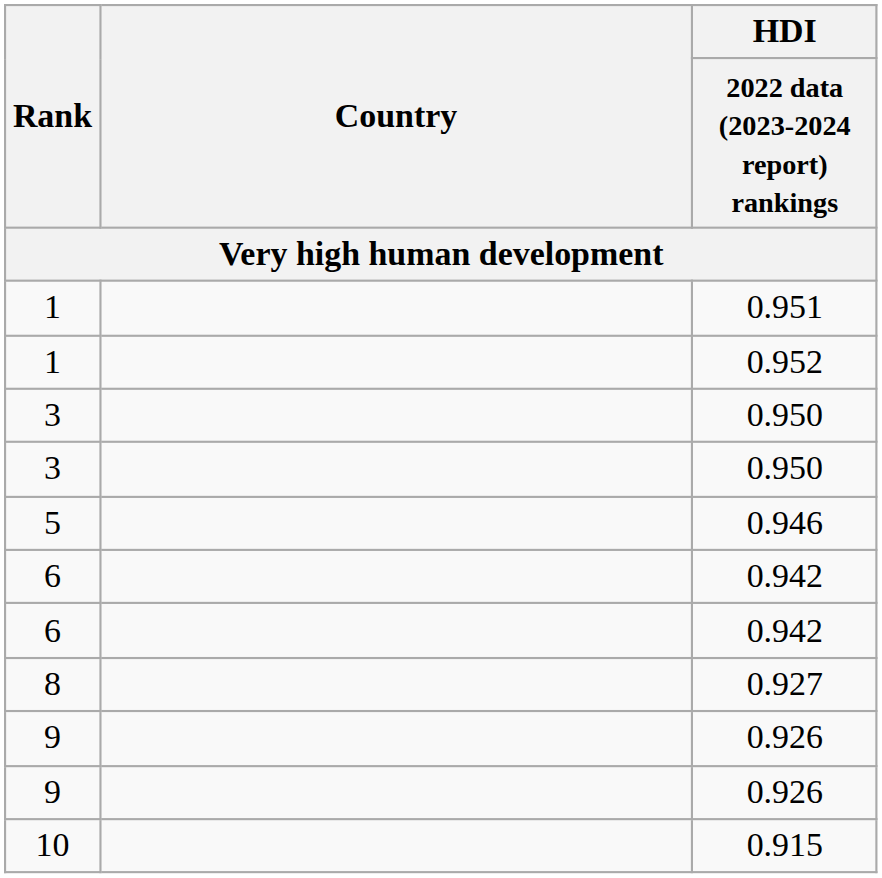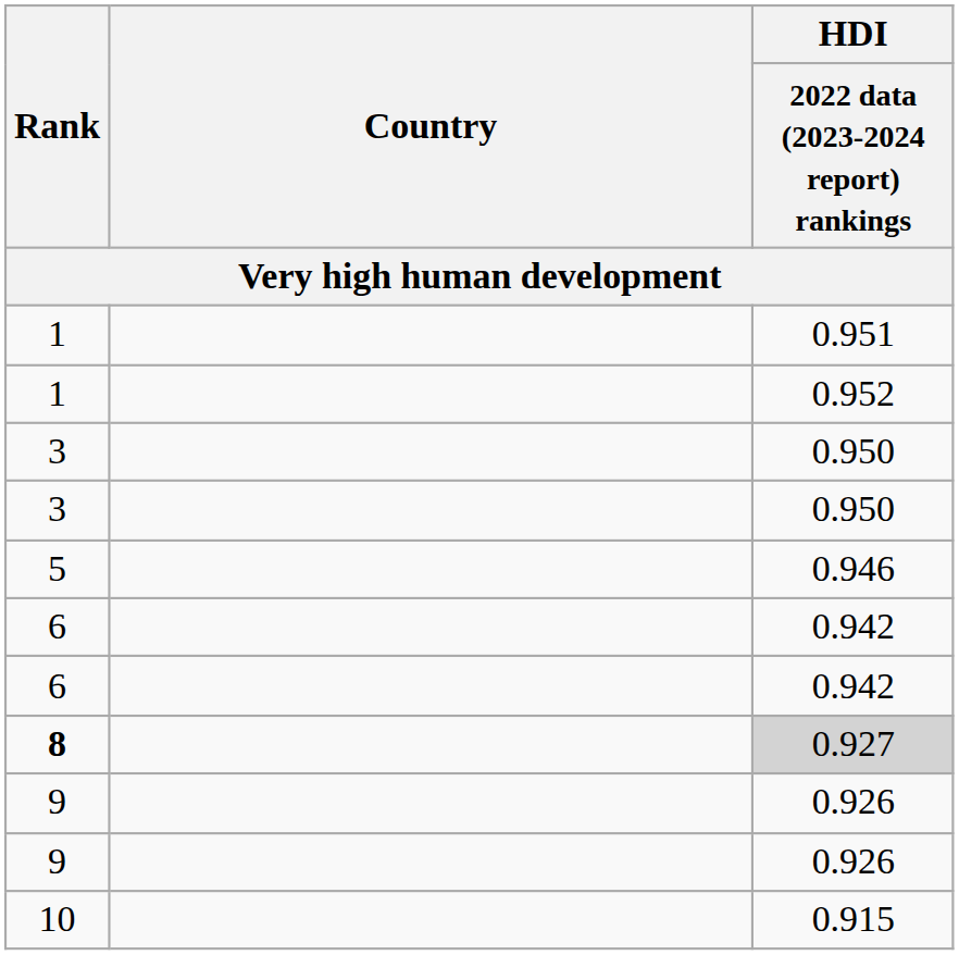 <table class="wikitable sortable" style="text-align:center">
 <tr>
 <th scope="col" rowspan="2">Rank</th>
 <th scope="col" rowspan="2" style="width:17em;">Country</th>
 <th scope="col" colspan="2">HDI</th>
 </tr>
 <tr>
 <th scope="col" style="width:5em;"><small>2022 data (2023-2024 report) rankings</small></th>
 </tr>
 <tr>
 <th scope="row" colspan="4">Very high human development</th>
 </tr>
 <tr>
 <td>1</td>
 <td style="text-align:left"></td>
 <td>0.951</td>
 </tr>
 <tr>
 <td>1</td>
 <td style="text-align:left"></td>
 <td>0.952</td>
 </tr>
 <tr>
 <td>3</td>
 <td style="text-align:left"></td>
 <td>0.950</td>
 </tr>
 <tr>
 <td>3</td>
 <td style="text-align:left"></td>
 <td>0.950</td>
 </tr>
 <tr>
 <td>5</td>
 <td style="text-align:left"></td>
 <td>0.946</td>
 </tr>
 <tr>
 <td>6</td>
 <td style="text-align:left"></td>
 <td>0.942</td>
 </tr>
 <tr>
 <td>6</td>
 <td style="text-align:left"></td>
 <td>0.942</td>
 </tr>
 <tr>
-<td>8</td>
+<td><strong>8</strong></td>
 <td style="text-align:left"></td>
-<td>0.927</td>
+<td style="background: lightgrey;">0.927</td>
 </tr>
 <tr>
 <td>9</td>
 <td style="text-align:left"></td>
 <td>0.926</td>
 </tr>
 <tr>
 <td>9</td>
 <td style="text-align:left"></td>
 <td>0.926</td>
 </tr>
 <tr>
 <td>10</td>
 <td style="text-align:left"></td>
 <td>0.915</td>
 </tr>
 </table>
